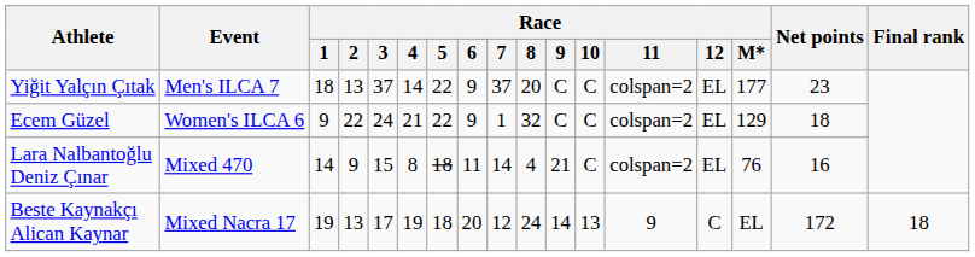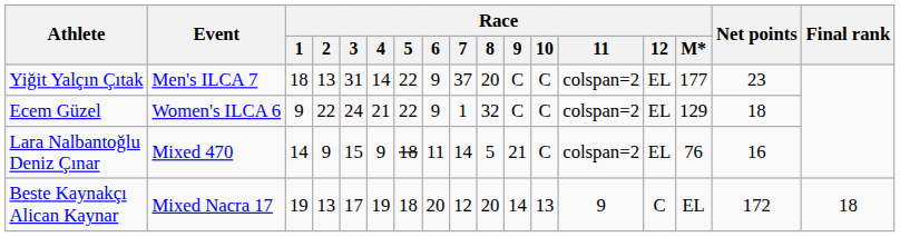 <table class="wikitable" style="font-size:90%">
 <tr>
 <th rowspan="2">Athlete</th>
 <th rowspan="2">Event</th>
 <th colspan=13>Race</th>
 <th rowspan=2>Net points</th>
 <th rowspan=2>Final rank</th>
 </tr>
 <tr style="font-size:95%">
 <th>1</th>
 <th>2</th>
 <th>3</th>
 <th>4</th>
 <th>5</th>
 <th>6</th>
 <th>7</th>
 <th>8</th>
 <th>9</th>
 <th>10</th>
 <th>11</th>
 <th>12</th>
 <th>M*</th>
 </tr>
 <tr align=center>
 <td align=left><a href='#'>Yiğit Yalçın Çıtak</a></td>
 <td align=left><a href='#'>Men's ILCA 7</a></td>
 <td>18</td>
 <td>13</td>
-<td>37</td>
+<td>31</td>
 <td>14</td>
 <td>22</td>
 <td>9</td>
 <td>37</td>
 <td>20</td>
 <td>C</td>
 <td>C</td>
 <td>colspan=2</td>
 <td>EL</td>
 <td>177</td>
 <td>23</td>
 </tr>
 <tr align=center>
 <td align=left><a href='#'>Ecem Güzel</a></td>
 <td align=left><a href='#'>Women's ILCA 6</a></td>
 <td>9</td>
 <td>22</td>
 <td>24</td>
 <td>21</td>
 <td>22</td>
 <td>9</td>
 <td>1</td>
 <td>32</td>
 <td>C</td>
 <td>C</td>
 <td>colspan=2 </td>
 <td>EL</td>
 <td>129</td>
 <td>18</td>
 </tr>
 <tr align=center>
 <td align=left><a href='#'>Lara Nalbantoğlu</a><br><a href='#'>Deniz Çınar</a></td>
 <td align=left><a href='#'>Mixed 470</a></td>
 <td>14</td>
 <td>9</td>
 <td>15</td>
-<td>8</td>
+<td>9</td>
 <td><s>18</s></td>
 <td>11</td>
 <td>14</td>
-<td>4</td>
+<td>5</td>
 <td>21</td>
 <td>C</td>
 <td>colspan=2</td>
 <td>EL</td>
 <td>76</td>
 <td>16</td>
 </tr>
 <tr align=center>
 <td align=left><a href='#'>Beste Kaynakçı</a><br><a href='#'>Alican Kaynar</a></td>
 <td align=left><a href='#'>Mixed Nacra 17</a></td>
 <td>19</td>
 <td>13</td>
 <td>17</td>
 <td>19</td>
 <td>18</td>
 <td>20</td>
 <td>12</td>
-<td>24</td>
+<td>20</td>
 <td>14</td>
 <td>13</td>
 <td>9</td>
 <td>C</td>
 <td>EL</td>
 <td>172</td>
 <td>18</td>
 </tr>
 </table>
